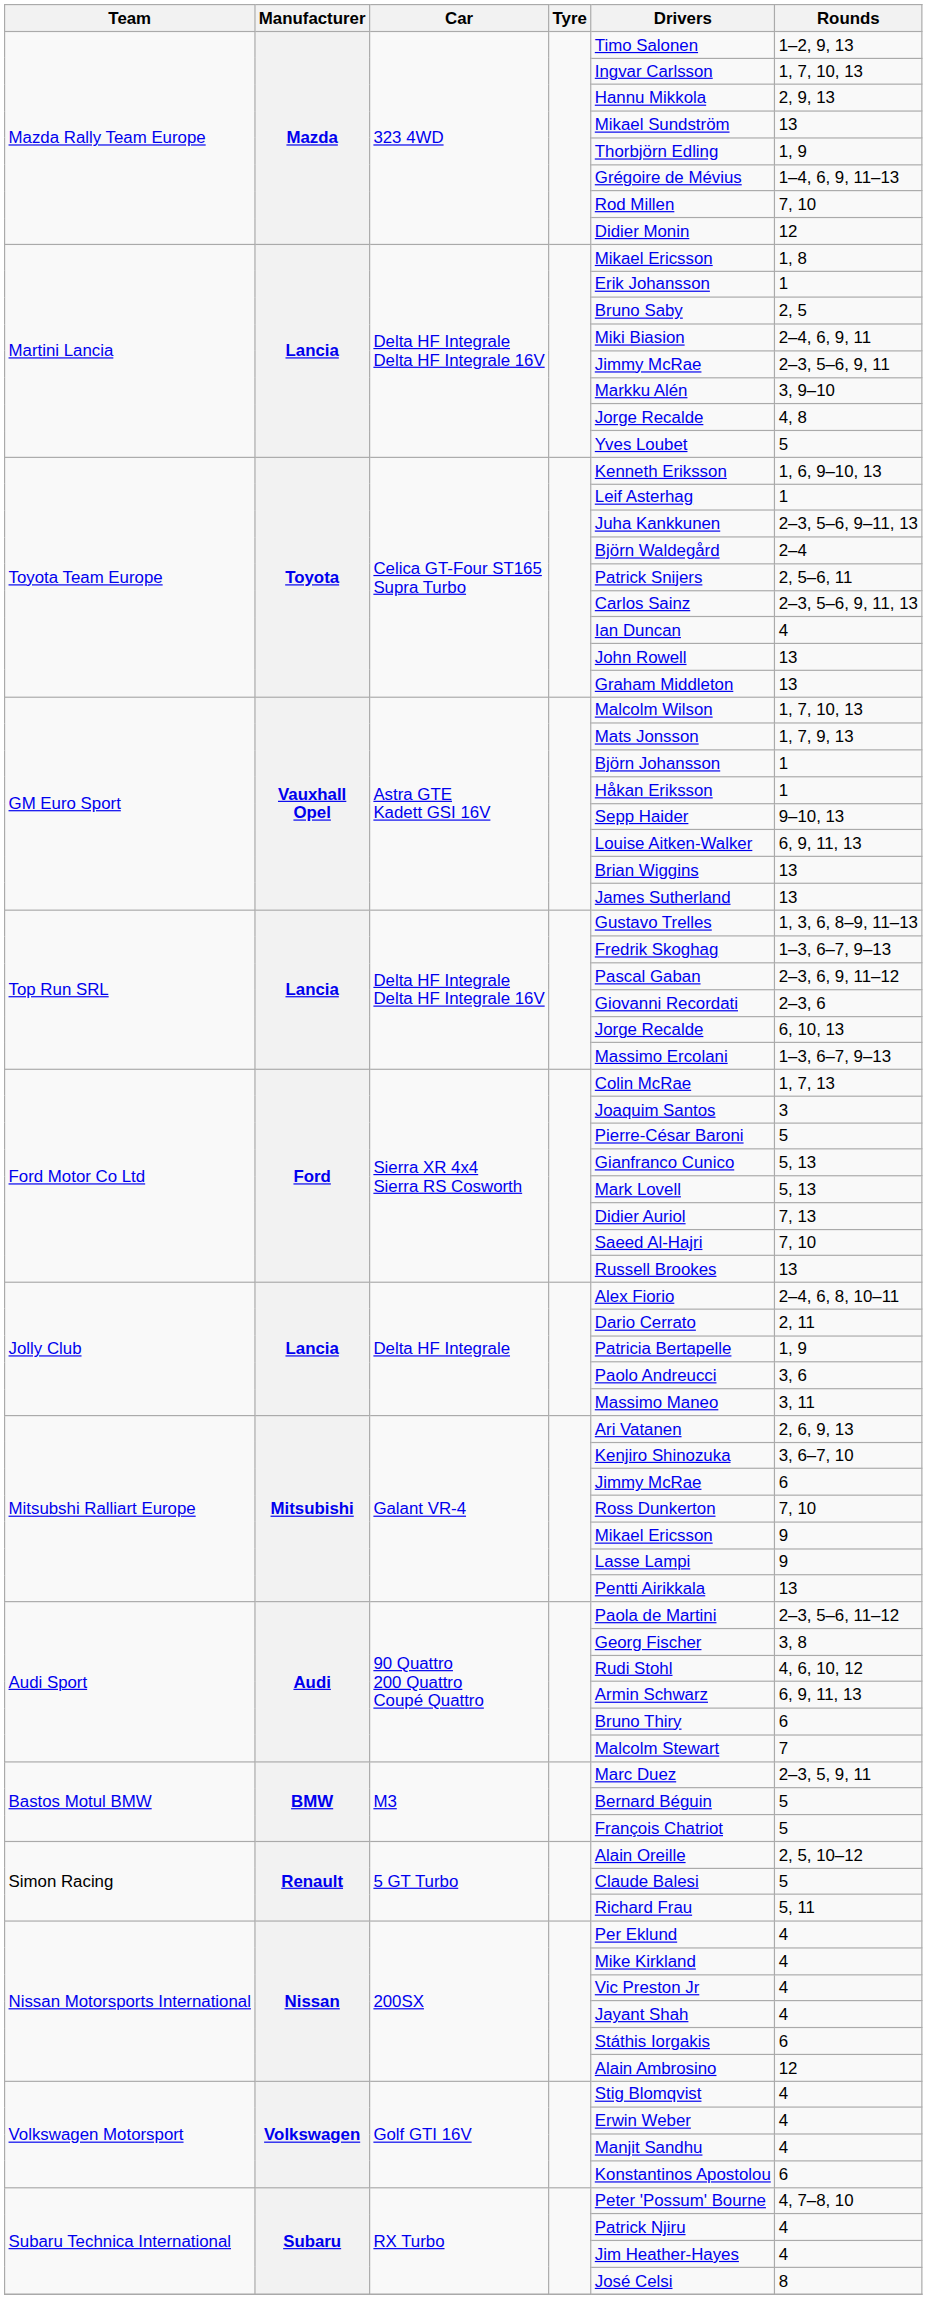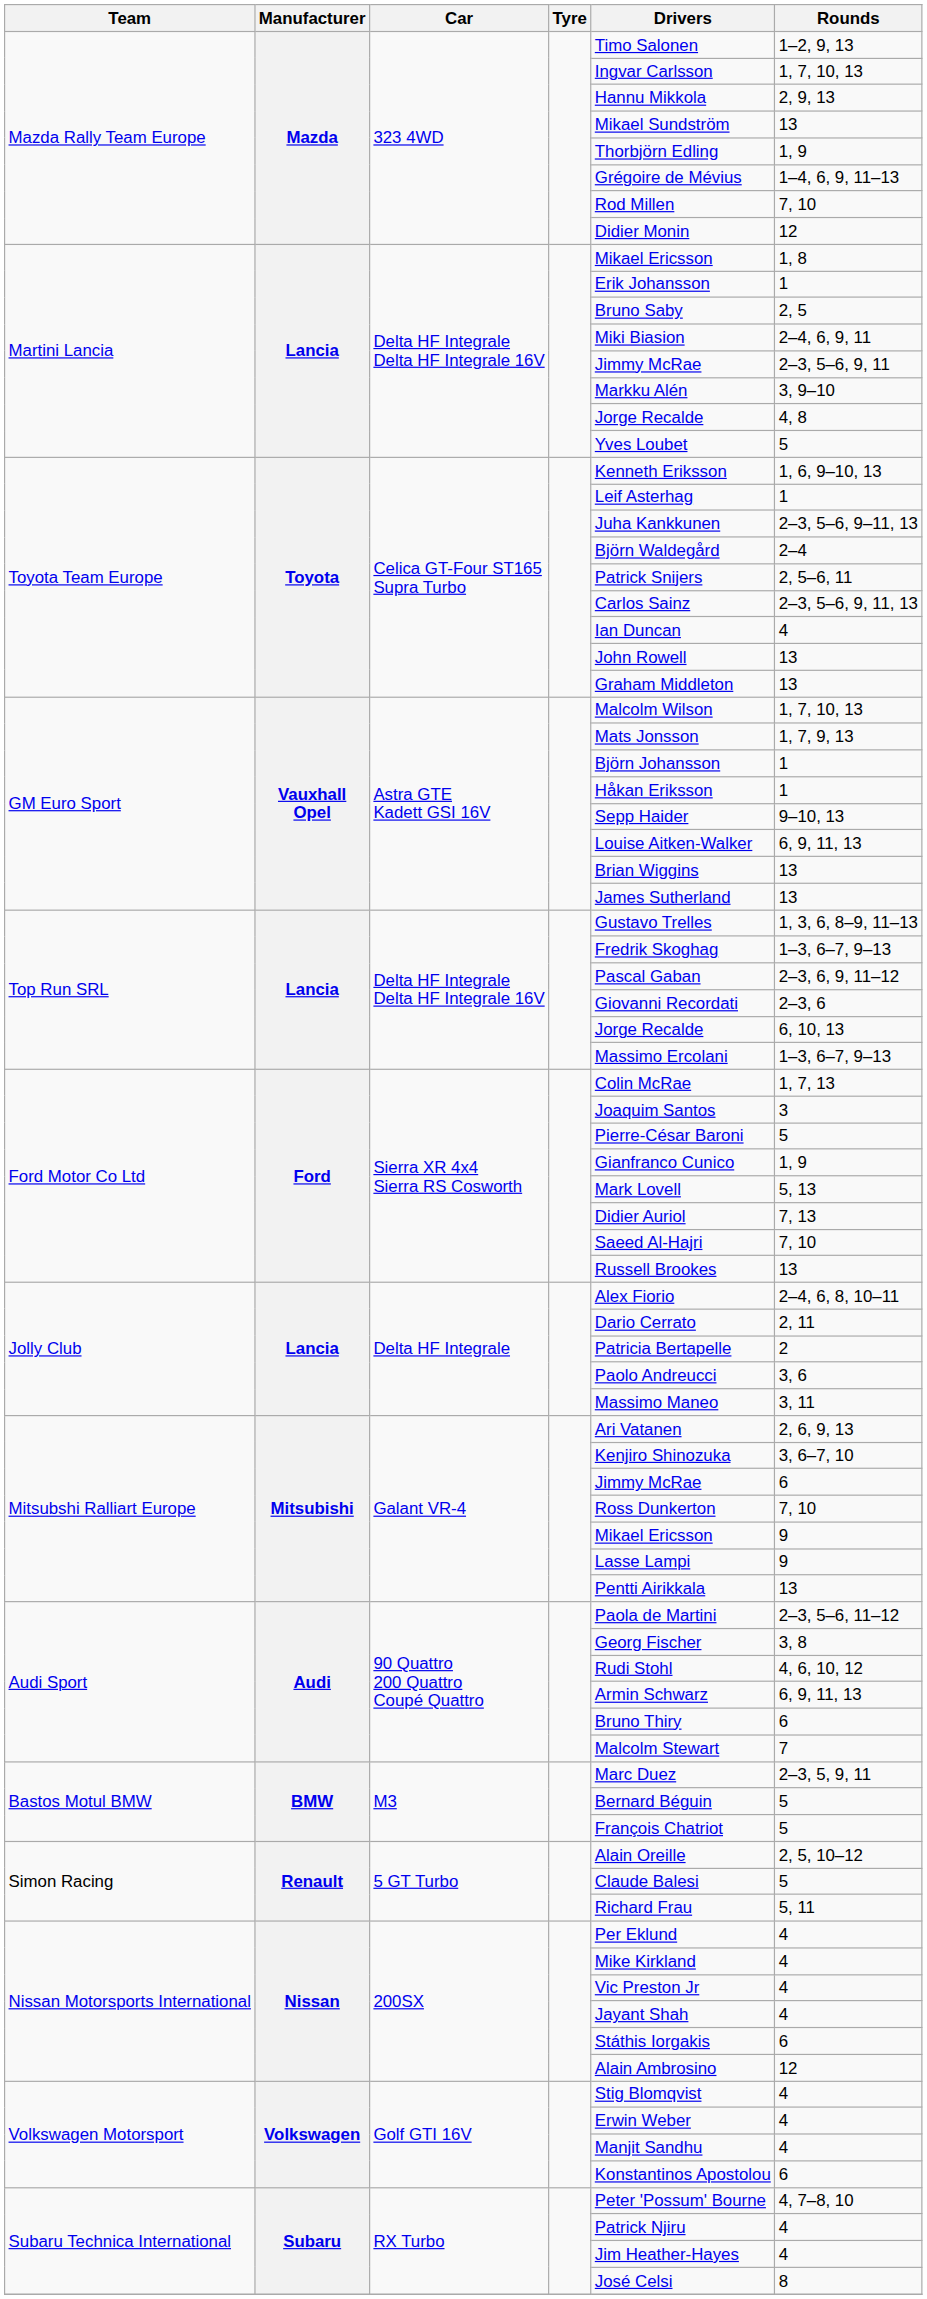 <table class="wikitable" style="font-size:90%">
 <tr>
 <th>Team</th>
 <th>Manufacturer</th>
 <th>Car</th>
 <th>Tyre</th>
 <th>Drivers</th>
 <th>Rounds</th>
 </tr>
 <tr>
 <td rowspan="8"> <a href='#'>Mazda Rally Team Europe</a></td>
 <th rowspan="8"><a href='#'>Mazda</a></th>
 <td rowspan="8"><a href='#'>323 4WD</a></td>
 <td rowspan="8" align="center"></td>
 <td> <a href='#'>Timo Salonen</a></td>
 <td>1–2, 9, 13</td>
 </tr>
 <tr>
 <td> <a href='#'>Ingvar Carlsson</a></td>
 <td>1, 7, 10, 13</td>
 </tr>
 <tr>
 <td> <a href='#'>Hannu Mikkola</a></td>
 <td>2, 9, 13</td>
 </tr>
 <tr>
 <td> <a href='#'>Mikael Sundström</a></td>
 <td>13</td>
 </tr>
 <tr>
 <td> <a href='#'>Thorbjörn Edling</a></td>
 <td>1, 9</td>
 </tr>
 <tr>
 <td> <a href='#'>Grégoire de Mévius</a></td>
 <td>1–4, 6, 9, 11–13</td>
 </tr>
 <tr>
 <td> <a href='#'>Rod Millen</a></td>
 <td>7, 10</td>
 </tr>
 <tr>
 <td> <a href='#'>Didier Monin</a></td>
 <td>12</td>
 </tr>
 <tr>
 <td rowspan="8"> <a href='#'>Martini Lancia</a></td>
 <th rowspan="8"><a href='#'>Lancia</a></th>
 <td rowspan="8"><a href='#'>Delta HF Integrale</a><br><a href='#'>Delta HF Integrale 16V</a></td>
 <td rowspan="8" align="center"></td>
 <td> <a href='#'>Mikael Ericsson</a></td>
 <td>1, 8</td>
 </tr>
 <tr>
 <td> <a href='#'>Erik Johansson</a></td>
 <td>1</td>
 </tr>
 <tr>
 <td> <a href='#'>Bruno Saby</a></td>
 <td>2, 5</td>
 </tr>
 <tr>
 <td> <a href='#'>Miki Biasion</a></td>
 <td>2–4, 6, 9, 11</td>
 </tr>
 <tr>
 <td> <a href='#'>Jimmy McRae</a></td>
 <td>2–3, 5–6, 9, 11</td>
 </tr>
 <tr>
 <td> <a href='#'>Markku Alén</a></td>
 <td>3, 9–10</td>
 </tr>
 <tr>
 <td> <a href='#'>Jorge Recalde</a></td>
 <td>4, 8</td>
 </tr>
 <tr>
 <td> <a href='#'>Yves Loubet</a></td>
 <td>5</td>
 </tr>
 <tr>
 <td rowspan="9"> <a href='#'>Toyota Team Europe</a></td>
 <th rowspan="9"><a href='#'>Toyota</a></th>
 <td rowspan="9"><a href='#'>Celica GT-Four ST165</a><br><a href='#'>Supra Turbo</a></td>
 <td rowspan="9" align="center"></td>
 <td> <a href='#'>Kenneth Eriksson</a></td>
 <td>1, 6, 9–10, 13</td>
 </tr>
 <tr>
 <td> <a href='#'>Leif Asterhag</a></td>
 <td>1</td>
 </tr>
 <tr>
 <td> <a href='#'>Juha Kankkunen</a></td>
 <td>2–3, 5–6, 9–11, 13</td>
 </tr>
 <tr>
 <td> <a href='#'>Björn Waldegård</a></td>
 <td>2–4</td>
 </tr>
 <tr>
 <td> <a href='#'>Patrick Snijers</a></td>
 <td>2, 5–6, 11</td>
 </tr>
 <tr>
 <td> <a href='#'>Carlos Sainz</a></td>
 <td>2–3, 5–6, 9, 11, 13</td>
 </tr>
 <tr>
 <td> <a href='#'>Ian Duncan</a></td>
 <td>4</td>
 </tr>
 <tr>
 <td> <a href='#'>John Rowell</a></td>
 <td>13</td>
 </tr>
 <tr>
 <td> <a href='#'>Graham Middleton</a></td>
 <td>13</td>
 </tr>
 <tr>
 <td rowspan="8"> <a href='#'>GM Euro Sport</a></td>
 <th rowspan="8"><a href='#'>Vauxhall</a><br><a href='#'>Opel</a></th>
 <td rowspan="8"><a href='#'>Astra GTE</a><br><a href='#'>Kadett GSI 16V</a></td>
 <td rowspan="8" align="center"></td>
 <td> <a href='#'>Malcolm Wilson</a></td>
 <td>1, 7, 10, 13</td>
 </tr>
 <tr>
 <td> <a href='#'>Mats Jonsson</a></td>
 <td>1, 7, 9, 13</td>
 </tr>
 <tr>
 <td> <a href='#'>Björn Johansson</a></td>
 <td>1</td>
 </tr>
 <tr>
 <td> <a href='#'>Håkan Eriksson</a></td>
 <td>1</td>
 </tr>
 <tr>
 <td> <a href='#'>Sepp Haider</a></td>
 <td>9–10, 13</td>
 </tr>
 <tr>
 <td> <a href='#'>Louise Aitken-Walker</a></td>
 <td>6, 9, 11, 13</td>
 </tr>
 <tr>
 <td> <a href='#'>Brian Wiggins</a></td>
 <td>13</td>
 </tr>
 <tr>
 <td> <a href='#'>James Sutherland</a></td>
 <td>13</td>
 </tr>
 <tr>
 <td rowspan="6"> <a href='#'>Top Run SRL</a></td>
 <th rowspan="6"><a href='#'>Lancia</a></th>
 <td rowspan="6"><a href='#'>Delta HF Integrale</a><br><a href='#'>Delta HF Integrale 16V</a></td>
 <td rowspan="6" align="center"></td>
 <td> <a href='#'>Gustavo Trelles</a></td>
 <td>1, 3, 6, 8–9, 11–13</td>
 </tr>
 <tr>
 <td> <a href='#'>Fredrik Skoghag</a></td>
 <td>1–3, 6–7, 9–13</td>
 </tr>
 <tr>
 <td> <a href='#'>Pascal Gaban</a></td>
 <td>2–3, 6, 9, 11–12</td>
 </tr>
 <tr>
 <td> <a href='#'>Giovanni Recordati</a></td>
 <td>2–3, 6</td>
 </tr>
 <tr>
 <td> <a href='#'>Jorge Recalde</a></td>
 <td>6, 10, 13</td>
 </tr>
 <tr>
 <td> <a href='#'>Massimo Ercolani</a></td>
 <td>1–3, 6–7, 9–13</td>
 </tr>
 <tr>
 <td rowspan="8"> <a href='#'>Ford Motor Co Ltd</a></td>
 <th rowspan="8"><a href='#'>Ford</a></th>
 <td rowspan="8"><a href='#'>Sierra XR 4x4</a><br><a href='#'>Sierra RS Cosworth</a></td>
 <td rowspan="8" align="center"><br></td>
 <td> <a href='#'>Colin McRae</a></td>
 <td>1, 7, 13</td>
 </tr>
 <tr>
 <td> <a href='#'>Joaquim Santos</a></td>
 <td>3</td>
 </tr>
 <tr>
 <td> <a href='#'>Pierre-César Baroni</a></td>
 <td>5</td>
 </tr>
 <tr>
 <td> <a href='#'>Gianfranco Cunico</a></td>
-<td>5, 13</td>
+<td>1, 9</td>
 </tr>
 <tr>
 <td> <a href='#'>Mark Lovell</a></td>
 <td>5, 13</td>
 </tr>
 <tr>
 <td> <a href='#'>Didier Auriol</a></td>
 <td>7, 13</td>
 </tr>
 <tr>
 <td> <a href='#'>Saeed Al-Hajri</a></td>
 <td>7, 10</td>
 </tr>
 <tr>
 <td> <a href='#'>Russell Brookes</a></td>
 <td>13</td>
 </tr>
 <tr>
 <td rowspan="5"> <a href='#'>Jolly Club</a></td>
 <th rowspan="5"><a href='#'>Lancia</a></th>
 <td rowspan="5"><a href='#'>Delta HF Integrale</a></td>
 <td rowspan="5" align="center"></td>
 <td> <a href='#'>Alex Fiorio</a></td>
 <td>2–4, 6, 8, 10–11</td>
 </tr>
 <tr>
 <td> <a href='#'>Dario Cerrato</a></td>
 <td>2, 11</td>
 </tr>
 <tr>
 <td> <a href='#'>Patricia Bertapelle</a></td>
-<td>1, 9</td>
+<td>2</td>
 </tr>
 <tr>
 <td> <a href='#'>Paolo Andreucci</a></td>
 <td>3, 6</td>
 </tr>
 <tr>
 <td> <a href='#'>Massimo Maneo</a></td>
 <td>3, 11</td>
 </tr>
 <tr>
 <td rowspan="7"> <a href='#'>Mitsubshi Ralliart Europe</a></td>
 <th rowspan="7"><a href='#'>Mitsubishi</a></th>
 <td rowspan="7"><a href='#'>Galant VR-4</a></td>
 <td rowspan="7" align="center"></td>
 <td> <a href='#'>Ari Vatanen</a></td>
 <td>2, 6, 9, 13</td>
 </tr>
 <tr>
 <td> <a href='#'>Kenjiro Shinozuka</a></td>
 <td>3, 6–7, 10</td>
 </tr>
 <tr>
 <td> <a href='#'>Jimmy McRae</a></td>
 <td>6</td>
 </tr>
 <tr>
 <td> <a href='#'>Ross Dunkerton</a></td>
 <td>7, 10</td>
 </tr>
 <tr>
 <td> <a href='#'>Mikael Ericsson</a></td>
 <td>9</td>
 </tr>
 <tr>
 <td> <a href='#'>Lasse Lampi</a></td>
 <td>9</td>
 </tr>
 <tr>
 <td> <a href='#'>Pentti Airikkala</a></td>
 <td>13</td>
 </tr>
 <tr>
 <td rowspan="6"> <a href='#'>Audi Sport</a></td>
 <th rowspan="6"><a href='#'>Audi</a></th>
 <td rowspan="6"><a href='#'>90 Quattro</a><br><a href='#'>200 Quattro</a><br><a href='#'>Coupé Quattro</a></td>
 <td rowspan="6" align="center"></td>
 <td> <a href='#'>Paola de Martini</a></td>
 <td>2–3, 5–6, 11–12</td>
 </tr>
 <tr>
 <td> <a href='#'>Georg Fischer</a></td>
 <td>3, 8</td>
 </tr>
 <tr>
 <td> <a href='#'>Rudi Stohl</a></td>
 <td>4, 6, 10, 12</td>
 </tr>
 <tr>
 <td> <a href='#'>Armin Schwarz</a></td>
 <td>6, 9, 11, 13</td>
 </tr>
 <tr>
 <td> <a href='#'>Bruno Thiry</a></td>
 <td>6</td>
 </tr>
 <tr>
 <td> <a href='#'>Malcolm Stewart</a></td>
 <td>7</td>
 </tr>
 <tr>
 <td rowspan="3"> <a href='#'>Bastos Motul BMW</a></td>
 <th rowspan="3"><a href='#'>BMW</a></th>
 <td rowspan="3"><a href='#'>M3</a></td>
 <td rowspan="3" align="center"></td>
 <td> <a href='#'>Marc Duez</a></td>
 <td>2–3, 5, 9, 11</td>
 </tr>
 <tr>
 <td> <a href='#'>Bernard Béguin</a></td>
 <td>5</td>
 </tr>
 <tr>
 <td> <a href='#'>François Chatriot</a></td>
 <td>5</td>
 </tr>
 <tr>
 <td rowspan="3"> Simon Racing</td>
 <th rowspan="3"><a href='#'>Renault</a></th>
 <td rowspan="3"><a href='#'>5 GT Turbo</a></td>
 <td rowspan="3" align="center"></td>
 <td> <a href='#'>Alain Oreille</a></td>
 <td>2, 5, 10–12</td>
 </tr>
 <tr>
 <td> <a href='#'>Claude Balesi</a></td>
 <td>5</td>
 </tr>
 <tr>
 <td> <a href='#'>Richard Frau</a></td>
 <td>5, 11</td>
 </tr>
 <tr>
 <td rowspan="6"> <a href='#'>Nissan Motorsports International</a></td>
 <th rowspan="6"><a href='#'>Nissan</a></th>
 <td rowspan="6"><a href='#'>200SX</a></td>
 <td rowspan="6" align="center"></td>
 <td> <a href='#'>Per Eklund</a></td>
 <td>4</td>
 </tr>
 <tr>
 <td> <a href='#'>Mike Kirkland</a></td>
 <td>4</td>
 </tr>
 <tr>
 <td> <a href='#'>Vic Preston Jr</a></td>
 <td>4</td>
 </tr>
 <tr>
 <td> <a href='#'>Jayant Shah</a></td>
 <td>4</td>
 </tr>
 <tr>
 <td> <a href='#'>Státhis Iorgakis</a></td>
 <td>6</td>
 </tr>
 <tr>
 <td> <a href='#'>Alain Ambrosino</a></td>
 <td>12</td>
 </tr>
 <tr>
 <td rowspan="4"> <a href='#'>Volkswagen Motorsport</a></td>
 <th rowspan="4"><a href='#'>Volkswagen</a></th>
 <td rowspan="4"><a href='#'>Golf GTI 16V</a></td>
 <td rowspan="4" align="center"></td>
 <td> <a href='#'>Stig Blomqvist</a></td>
 <td>4</td>
 </tr>
 <tr>
 <td> <a href='#'>Erwin Weber</a></td>
 <td>4</td>
 </tr>
 <tr>
 <td> <a href='#'>Manjit Sandhu</a></td>
 <td>4</td>
 </tr>
 <tr>
 <td> <a href='#'>Konstantinos Apostolou</a></td>
 <td>6</td>
 </tr>
 <tr>
 <td rowspan="4"> <a href='#'>Subaru Technica International</a></td>
 <th rowspan="4"><a href='#'>Subaru</a></th>
 <td rowspan="4"><a href='#'>RX Turbo</a></td>
 <td rowspan="4" align="center"></td>
 <td> <a href='#'>Peter 'Possum' Bourne</a></td>
 <td>4, 7–8, 10</td>
 </tr>
 <tr>
 <td> <a href='#'>Patrick Njiru</a></td>
 <td>4</td>
 </tr>
 <tr>
 <td> <a href='#'>Jim Heather-Hayes</a></td>
 <td>4</td>
 </tr>
 <tr>
 <td> <a href='#'>José Celsi</a></td>
 <td>8</td>
 </tr>
 <tr>
 </tr>
 </table>
